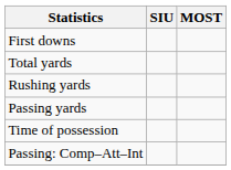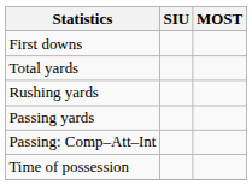 <table class="wikitable" style="float: left;">
 <tr>
 <th>Statistics</th>
 <th>SIU</th>
 <th>MOST</th>
 </tr>
 <tr>
 <td>First downs</td>
 <td></td>
 <td></td>
 </tr>
 <tr>
 <td>Total yards</td>
 <td></td>
 <td></td>
 </tr>
 <tr>
 <td>Rushing yards</td>
 <td></td>
 <td></td>
 </tr>
 <tr>
 <td>Passing yards</td>
 <td></td>
 <td></td>
 </tr>
 <tr>
-<td>Time of possession</td>
+<td>Passing: Comp–Att–Int</td>
 <td></td>
 <td></td>
 </tr>
 <tr>
-<td>Passing: Comp–Att–Int</td>
+<td>Time of possession</td>
 <td></td>
 <td></td>
 </tr>
 <tr>
 </tr>
 </table>
